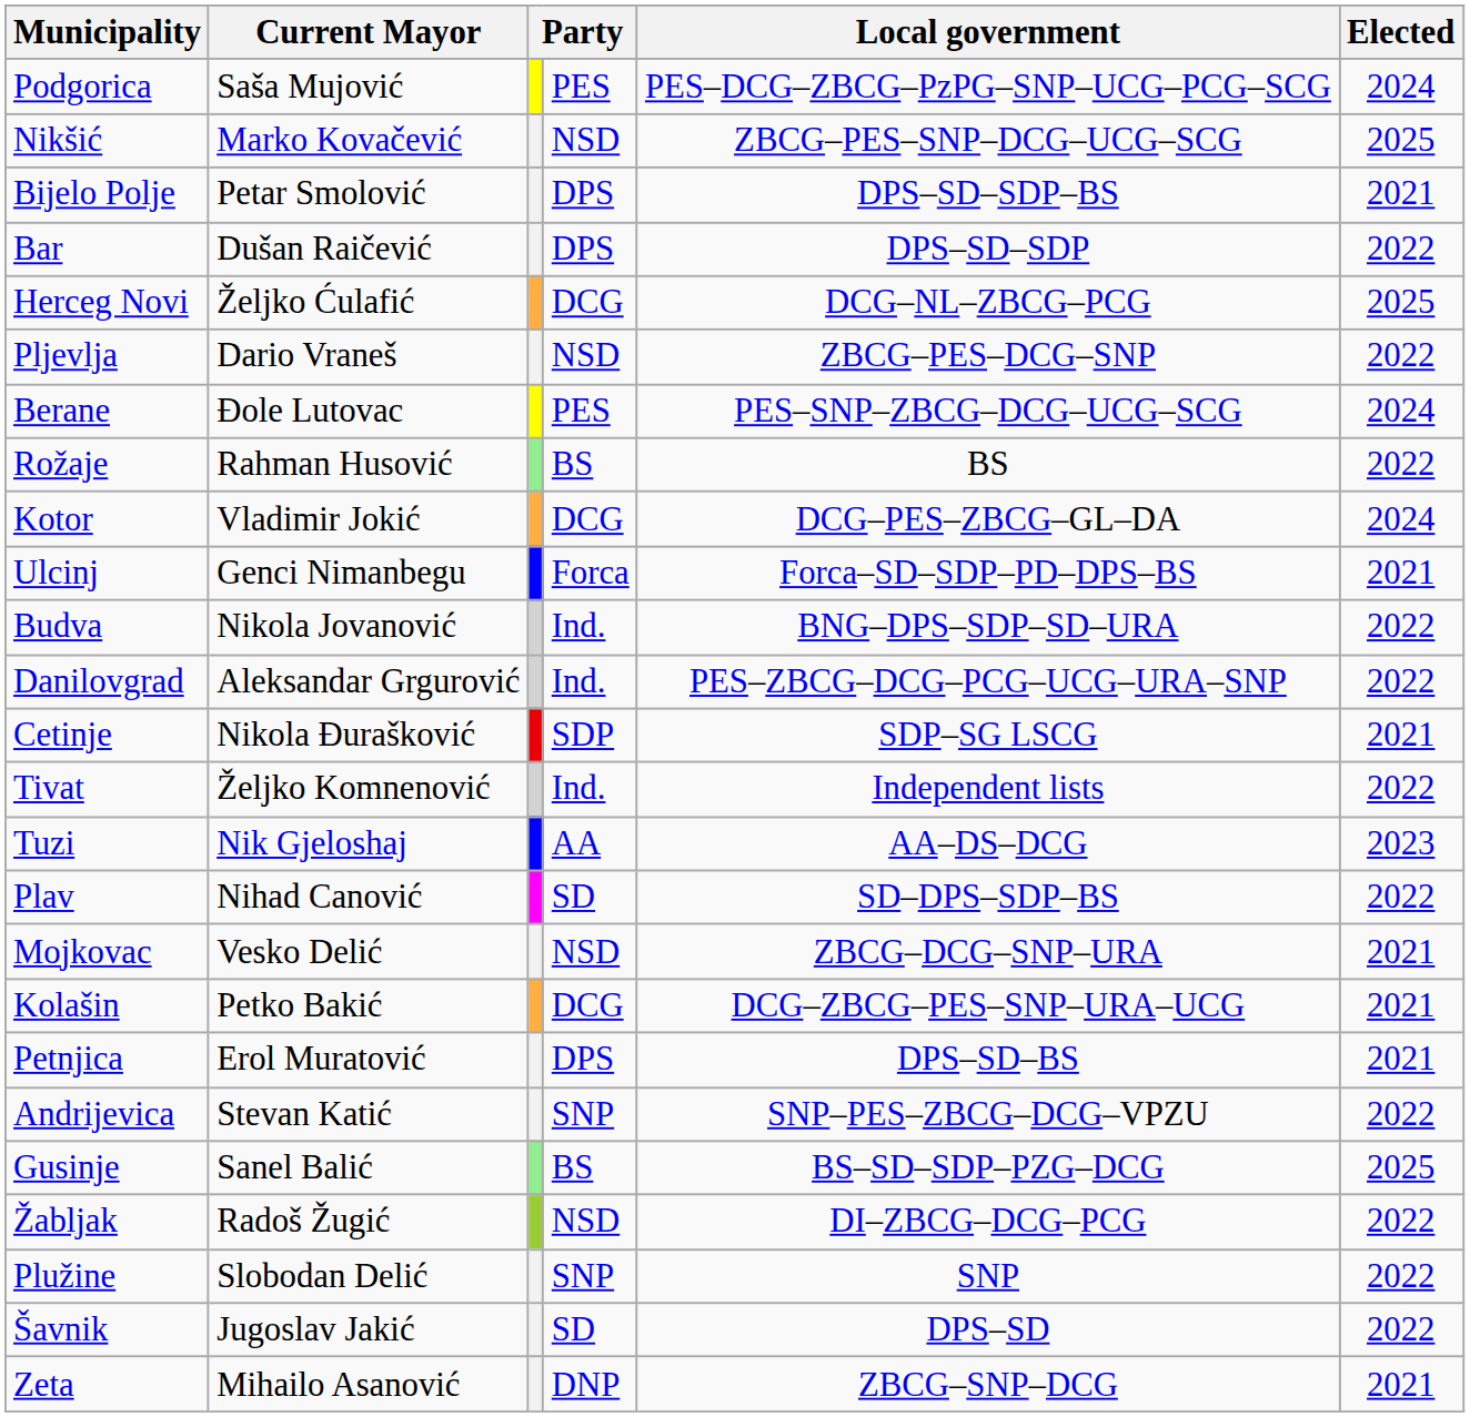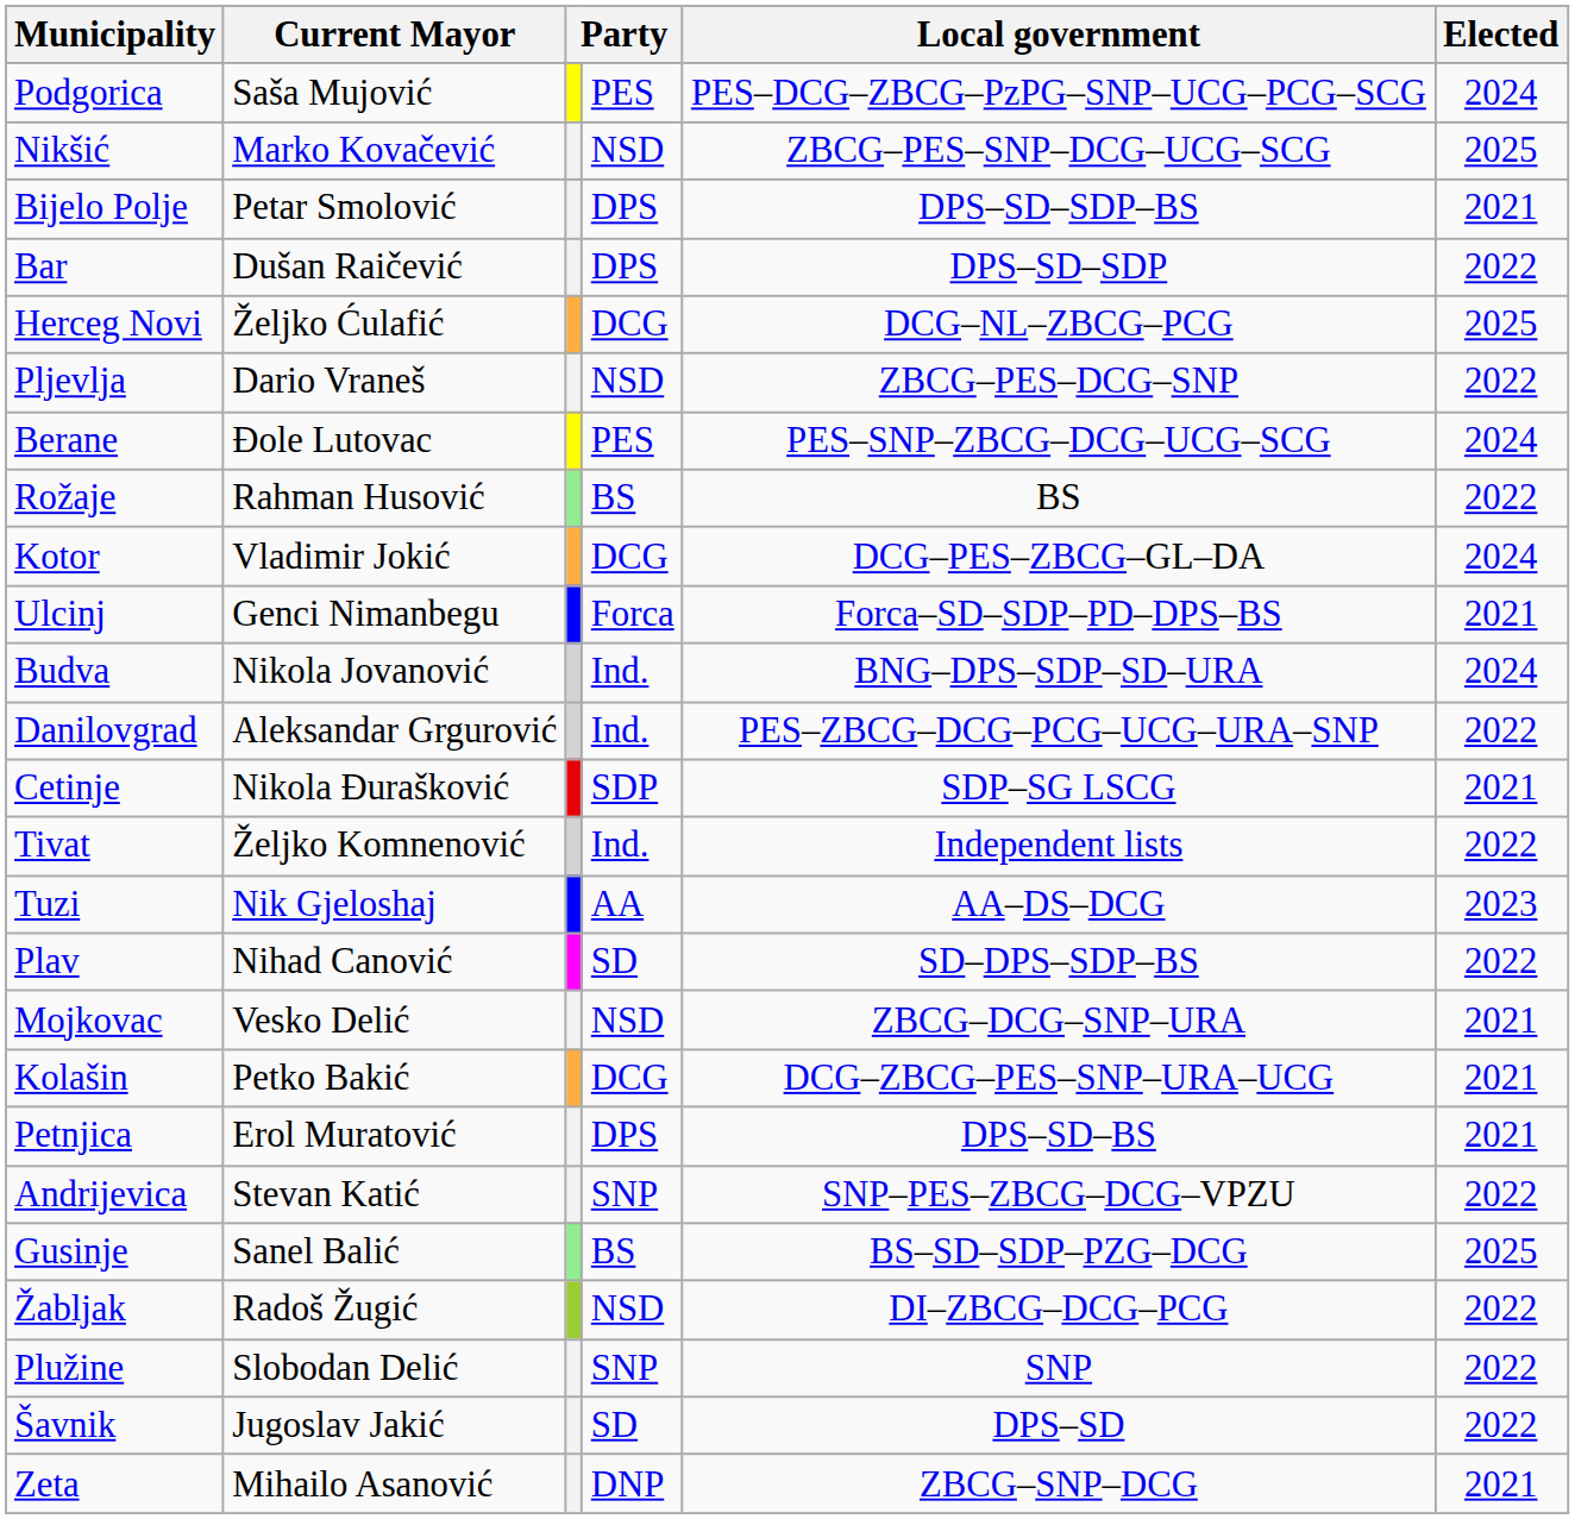 <table class="wikitable sortable">
 <tr>
 <th>Municipality</th>
 <th>Current Mayor</th>
 <th colspan=2>Party</th>
 <th>Local government</th>
 <th>Elected</th>
 </tr>
 <tr>
 <td><a href='#'>Podgorica</a></td>
 <td>Saša Mujović</td>
 <th style="background-color: yellow"></th>
 <td><a href='#'>PES</a></td>
 <td style="text-align:center;"><a href='#'>PES</a>–<a href='#'>DCG</a>–<a href='#'>ZBCG</a>–<a href='#'>PzPG</a>–<a href='#'>SNP</a>–<a href='#'>UCG</a>–<a href='#'>PCG</a>–<a href='#'>SCG</a></td>
 <td style="text-align:center;"><a href='#'>2024</a></td>
 </tr>
 <tr>
 <td><a href='#'>Nikšić</a></td>
 <td><a href='#'>Marko Kovačević</a></td>
 <th style="background-color: "></th>
 <td><a href='#'>NSD</a></td>
 <td style="text-align:center;"><a href='#'>ZBCG</a>–<a href='#'>PES</a>–<a href='#'>SNP</a>–<a href='#'>DCG</a>–<a href='#'>UCG</a>–<a href='#'>SCG</a></td>
 <td style="text-align:center;"><a href='#'>2025</a></td>
 </tr>
 <tr>
 <td><a href='#'>Bijelo Polje</a></td>
 <td>Petar Smolović</td>
 <th style="background-color: "></th>
 <td><a href='#'>DPS</a></td>
 <td style="text-align:center;"><a href='#'>DPS</a>–<a href='#'>SD</a>–<a href='#'>SDP</a>–<a href='#'>BS</a></td>
 <td style="text-align:center;"><a href='#'>2021</a></td>
 </tr>
 <tr>
 <td><a href='#'>Bar</a></td>
 <td>Dušan Raičević</td>
 <th style="background-color: "></th>
 <td><a href='#'>DPS</a></td>
 <td style="text-align:center;"><a href='#'>DPS</a>–<a href='#'>SD</a>–<a href='#'>SDP</a></td>
 <td style="text-align:center;"><a href='#'>2022</a></td>
 </tr>
 <tr>
 <td><a href='#'>Herceg Novi</a></td>
 <td>Željko Ćulafić</td>
 <th style="background-color: #ffae42"></th>
 <td><a href='#'>DCG</a></td>
 <td style="text-align:center;"><a href='#'>DCG</a>–<a href='#'>NL</a>–<a href='#'>ZBCG</a>–<a href='#'>PCG</a></td>
 <td style="text-align:center;"><a href='#'>2025</a></td>
 </tr>
 <tr>
 <td><a href='#'>Pljevlja</a></td>
 <td>Dario Vraneš</td>
 <th style="background-color: "></th>
 <td><a href='#'>NSD</a></td>
 <td style="text-align:center;"><a href='#'>ZBCG</a>–<a href='#'>PES</a>–<a href='#'>DCG</a>–<a href='#'>SNP</a></td>
 <td style="text-align:center;"><a href='#'>2022</a></td>
 </tr>
 <tr>
 <td><a href='#'>Berane</a></td>
 <td>Đole Lutovac</td>
 <th style="background-color: yellow"></th>
 <td><a href='#'>PES</a></td>
 <td style="text-align:center;"><a href='#'>PES</a>–<a href='#'>SNP</a>–<a href='#'>ZBCG</a>–<a href='#'>DCG</a>–<a href='#'>UCG</a>–<a href='#'>SCG</a></td>
 <td style="text-align:center;"><a href='#'>2024</a></td>
 </tr>
 <tr>
 <td><a href='#'>Rožaje</a></td>
 <td>Rahman Husović</td>
 <th style="background-color: lightgreen"></th>
 <td><a href='#'>BS</a></td>
 <td style="text-align:center;">BS</td>
 <td style="text-align:center;"><a href='#'>2022</a></td>
 </tr>
 <tr>
 <td><a href='#'>Kotor</a></td>
 <td>Vladimir Jokić</td>
 <th style="background-color: #ffae42"></th>
 <td><a href='#'>DCG</a></td>
 <td style="text-align:center;"><a href='#'>DCG</a>–<a href='#'>PES</a>–<a href='#'>ZBCG</a>–GL–DA</td>
 <td style="text-align:center;"><a href='#'>2024</a></td>
 </tr>
 <tr>
 <td><a href='#'>Ulcinj</a></td>
 <td>Genci Nimanbegu</td>
 <th style="background-color: blue"></th>
 <td><a href='#'>Forca</a></td>
 <td style="text-align:center;"><a href='#'>Forca</a>–<a href='#'>SD</a>–<a href='#'>SDP</a>–<a href='#'>PD</a>–<a href='#'>DPS</a>–<a href='#'>BS</a></td>
 <td style="text-align:center;"><a href='#'>2021</a></td>
 </tr>
 <tr>
 <td><a href='#'>Budva</a></td>
 <td>Nikola Jovanović</td>
 <th style="background-color: lightgrey"></th>
 <td><a href='#'>Ind.</a></td>
 <td style="text-align:center;"><a href='#'>BNG</a>–<a href='#'>DPS</a>–<a href='#'>SDP</a>–<a href='#'>SD</a>–<a href='#'>URA</a></td>
-<td style="text-align:center;"><a href='#'>2022</a></td>
+<td style="text-align:center;"><a href='#'>2024</a></td>
 </tr>
 <tr>
 <td><a href='#'>Danilovgrad</a></td>
 <td>Aleksandar Grgurović</td>
 <th style="background-color: lightgrey"></th>
 <td><a href='#'>Ind.</a></td>
 <td style="text-align:center;"><a href='#'>PES</a>–<a href='#'>ZBCG</a>–<a href='#'>DCG</a>–<a href='#'>PCG</a>–<a href='#'>UCG</a>–<a href='#'>URA</a>–<a href='#'>SNP</a></td>
 <td style="text-align:center;"><a href='#'>2022</a></td>
 </tr>
 <tr>
 <td><a href='#'>Cetinje</a></td>
 <td>Nikola Đurašković</td>
 <th style="background-color: #e90007"></th>
 <td><a href='#'>SDP</a></td>
 <td style="text-align:center;"><a href='#'>SDP</a>–<a href='#'>SG LSCG</a></td>
 <td style="text-align:center;"><a href='#'>2021</a></td>
 </tr>
 <tr>
 <td><a href='#'>Tivat</a></td>
 <td>Željko Komnenović</td>
 <th style="background-color: lightgrey"></th>
 <td><a href='#'>Ind.</a></td>
 <td style="text-align:center;"><a href='#'>Independent lists</a></td>
 <td style="text-align:center;"><a href='#'>2022</a></td>
 </tr>
 <tr>
 <td><a href='#'>Tuzi</a></td>
 <td><a href='#'>Nik Gjeloshaj</a></td>
 <th style="background-color: blue"></th>
 <td><a href='#'>AA</a></td>
 <td style="text-align:center;"><a href='#'>AA</a>–<a href='#'>DS</a>–<a href='#'>DCG</a></td>
 <td style="text-align:center;"><a href='#'>2023</a></td>
 </tr>
 <tr>
 <td><a href='#'>Plav</a></td>
 <td>Nihad Canović</td>
 <th style="background-color: #fd00ff"></th>
 <td><a href='#'>SD</a></td>
 <td style="text-align:center;"><a href='#'>SD</a>–<a href='#'>DPS</a>–<a href='#'>SDP</a>–<a href='#'>BS</a></td>
 <td style="text-align:center;"><a href='#'>2022</a></td>
 </tr>
 <tr>
 <td><a href='#'>Mojkovac</a></td>
 <td>Vesko Delić</td>
 <th style="background-color: "></th>
 <td><a href='#'>NSD</a></td>
 <td style="text-align:center;"><a href='#'>ZBCG</a>–<a href='#'>DCG</a>–<a href='#'>SNP</a>–<a href='#'>URA</a></td>
 <td style="text-align:center;"><a href='#'>2021</a></td>
 </tr>
 <tr>
 <td><a href='#'>Kolašin</a></td>
 <td>Petko Bakić</td>
 <th style="background-color: #ffae42"></th>
 <td><a href='#'>DCG</a></td>
 <td style="text-align:center;"><a href='#'>DCG</a>–<a href='#'>ZBCG</a>–<a href='#'>PES</a>–<a href='#'>SNP</a>–<a href='#'>URA</a>–<a href='#'>UCG</a></td>
 <td style="text-align:center;"><a href='#'>2021</a></td>
 </tr>
 <tr>
 <td><a href='#'>Petnjica</a></td>
 <td>Erol Muratović</td>
 <th style="background-color: "></th>
 <td><a href='#'>DPS</a></td>
 <td style="text-align:center;"><a href='#'>DPS</a>–<a href='#'>SD</a>–<a href='#'>BS</a></td>
 <td style="text-align:center;"><a href='#'>2021</a></td>
 </tr>
 <tr>
 <td><a href='#'>Andrijevica</a></td>
 <td>Stevan Katić</td>
 <th style="background-color: "></th>
 <td><a href='#'>SNP</a></td>
 <td style="text-align:center;"><a href='#'>SNP</a>–<a href='#'>PES</a>–<a href='#'>ZBCG</a>–<a href='#'>DCG</a>–VPZU</td>
 <td style="text-align:center;"><a href='#'>2022</a></td>
 </tr>
 <tr>
 <td><a href='#'>Gusinje</a></td>
 <td>Sanel Balić</td>
 <th style="background-color: lightgreen"></th>
 <td><a href='#'>BS</a></td>
 <td style="text-align:center;"><a href='#'>BS</a>–<a href='#'>SD</a>–<a href='#'>SDP</a>–<a href='#'>PZG</a>–<a href='#'>DCG</a></td>
 <td style="text-align:center;"><a href='#'>2025</a></td>
 </tr>
 <tr>
 <td><a href='#'>Žabljak</a></td>
 <td>Radoš Žugić</td>
 <th style="background:#9ACD32;"></th>
 <td><a href='#'>NSD</a></td>
 <td style="text-align:center;"><a href='#'>DI</a>–<a href='#'>ZBCG</a>–<a href='#'>DCG</a>–<a href='#'>PCG</a></td>
 <td style="text-align:center;"><a href='#'>2022</a></td>
 </tr>
 <tr>
 <td><a href='#'>Plužine</a></td>
 <td>Slobodan Delić</td>
 <th style="background-color: "></th>
 <td><a href='#'>SNP</a></td>
 <td style="text-align:center;"><a href='#'>SNP</a></td>
 <td style="text-align:center;"><a href='#'>2022</a></td>
 </tr>
 <tr>
 <td><a href='#'>Šavnik</a></td>
 <td>Jugoslav Jakić</td>
 <th style="background-color: "></th>
 <td><a href='#'>SD</a></td>
 <td style="text-align:center;"><a href='#'>DPS</a>–<a href='#'>SD</a></td>
 <td style="text-align:center;"><a href='#'>2022</a></td>
 </tr>
 <tr>
 <td><a href='#'>Zeta</a></td>
 <td>Mihailo Asanović</td>
 <th style="background-color: "></th>
 <td><a href='#'>DNP</a></td>
 <td style="text-align:center;"><a href='#'>ZBCG</a>–<a href='#'>SNP</a>–<a href='#'>DCG</a></td>
 <td style="text-align:center;"><a href='#'>2021</a></td>
 </tr>
 </table>
